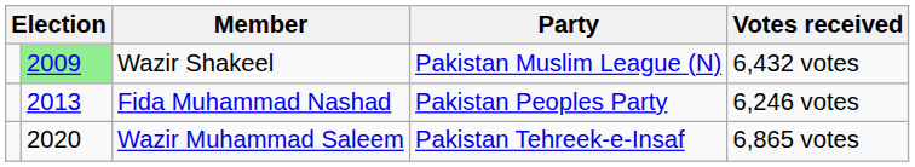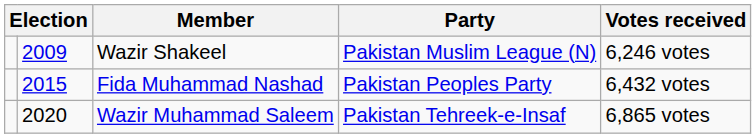 <table class="wikitable">
 <tr>
 <th colspan="2">Election</th>
 <th>Member</th>
 <th>Party</th>
 <th>Votes received</th>
 </tr>
 <tr>
 <td style="background-color: "></td>
-<td style="background: lightgreen;"><a href='#'>2009</a></td>
+<td><a href='#'>2009</a></td>
 <td>Wazir Shakeel</td>
 <td><a href='#'>Pakistan Muslim League (N)</a></td>
-<td>6,432 votes</td>
+<td>6,246 votes</td>
 </tr>
 <tr>
 <td style="background-color:"></td>
-<td><a href='#'>2013</a></td>
+<td><a href='#'>2015</a></td>
 <td><a href='#'>Fida Muhammad Nashad</a></td>
 <td><a href='#'>Pakistan Peoples Party</a></td>
-<td>6,246 votes</td>
+<td>6,432 votes</td>
 </tr>
 <tr>
 <td style="background-color:"></td>
 <td>2020</td>
 <td><a href='#'>Wazir Muhammad Saleem</a></td>
 <td><a href='#'>Pakistan Tehreek-e-Insaf</a></td>
 <td>6,865 votes</td>
 </tr>
 </table>
